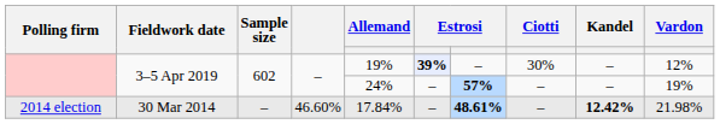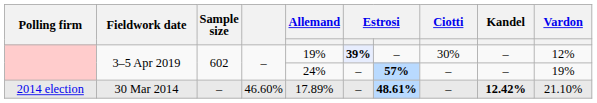 <table class="wikitable sortable" style="text-align:center;font-size:90%;line-height:14px;">
 <tr style="height:40px;">
 <th style="width:100px;" rowspan="2">Polling firm</th>
 <th style="width:110px;" rowspan="2">Fieldwork date</th>
 <th style="width:35px;" rowspan="2">Sample<br>size</th>
 <th style="width:30px;" rowspan="2"></th>
 <th class="unsortable" style="width:60px;"><a href='#'>Allemand</a><br></th>
 <th class="unsortable" style="width:60px;" colspan=2><a href='#'>Estrosi</a><br></th>
 <th class="unsortable" style="width:60px;"><a href='#'>Ciotti</a><br></th>
 <th class="unsortable" style="width:60px;">Kandel<br></th>
 <th class="unsortable" style="width:60px;"><a href='#'>Vardon</a><br></th>
 </tr>
 <tr>
 <th style="background:"></th>
 <th style="background:"></th>
 <th style="background:"></th>
 <th style="background:"></th>
 <th style="background:"></th>
 <th style="background:"></th>
 </tr>
 <tr>
 <td rowspan="2" style="background:#FFCCCC;"></td>
 <td rowspan="2" data-sort-value="2019-04-05">3–5 Apr 2019</td>
 <td rowspan="2">602</td>
 <td rowspan="2">–</td>
 <td>19%</td>
 <td style="background:#E7EDFE;"><strong>39%</strong></td>
 <td>–</td>
 <td>30%</td>
 <td>–</td>
 <td>12%</td>
 </tr>
 <tr>
 <td>24%</td>
 <td>–</td>
 <td style="background:#B9DAFF;"><strong>57%</strong></td>
 <td>–</td>
 <td>–</td>
 <td>19%</td>
 </tr>
 <tr style="background:#E9E9E9;">
 <td><a href='#'>2014 election</a></td>
 <td data-sort-value="2014-03-30">30 Mar 2014</td>
 <td>–</td>
 <td>46.60%</td>
-<td>17.84%</td>
+<td>17.89%</td>
 <td>–</td>
 <td style="background:#B9DAFF;"><strong>48.61%</strong></td>
 <td>–</td>
 <td><strong>12.42%</strong></td>
-<td>21.98%</td>
+<td>21.10%</td>
 </tr>
 </table>
